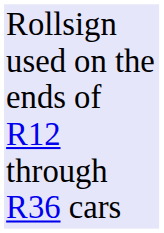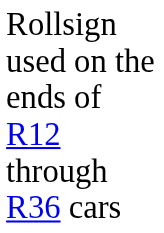 <table width="80">
 <tr>
 <td></td>
 </tr>
 <tr>
-<td style="background: lavender;"><div>Rollsign used on the ends of <a href='#'>R12</a> through <a href='#'>R36</a> cars</div></td>
+<td><div>Rollsign used on the ends of <a href='#'>R12</a> through <a href='#'>R36</a> cars</div></td>
 </tr>
 </table>
